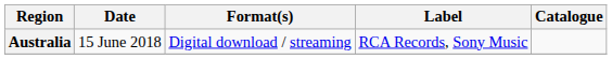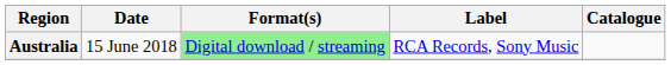 <table class="wikitable plainrowheaders">
 <tr>
 <th scope="col">Region</th>
 <th scope="col">Date</th>
 <th scope="col">Format(s)</th>
 <th scope="col">Label</th>
 <th scope="col">Catalogue</th>
 </tr>
 <tr>
 <th scope="row">Australia</th>
 <td>15 June 2018</td>
-<td><a href='#'>Digital download</a> / <a href='#'>streaming</a></td>
+<td style="background: lightgreen;"><a href='#'>Digital download</a> / <a href='#'>streaming</a></td>
 <td><a href='#'>RCA Records</a>, <a href='#'>Sony Music</a></td>
 <td></td>
 </tr>
 <tr>
 </tr>
 </table>
